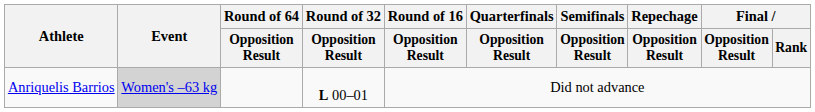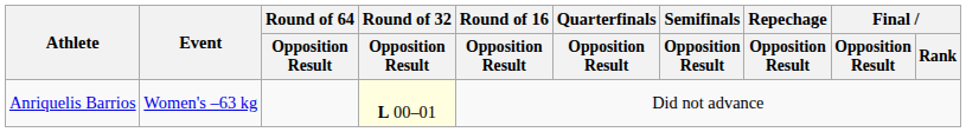 <table class="wikitable" style="font-size:90%">
 <tr>
 <th rowspan="2">Athlete</th>
 <th rowspan="2">Event</th>
 <th>Round of 64</th>
 <th>Round of 32</th>
 <th>Round of 16</th>
 <th>Quarterfinals</th>
 <th>Semifinals</th>
 <th>Repechage</th>
 <th colspan=2>Final / </th>
 </tr>
 <tr style="font-size:95%">
 <th>Opposition<br>Result</th>
 <th>Opposition<br>Result</th>
 <th>Opposition<br>Result</th>
 <th>Opposition<br>Result</th>
 <th>Opposition<br>Result</th>
 <th>Opposition<br>Result</th>
 <th>Opposition<br>Result</th>
 <th>Rank</th>
 </tr>
 <tr align=center>
 <td align=left><a href='#'>Anriquelis Barrios</a></td>
-<td align=left style="background: lightgrey;"><a href='#'>Women's –63 kg</a></td>
+<td align=left><a href='#'>Women's –63 kg</a></td>
 <td></td>
-<td><br><strong>L</strong> 00–01</td>
+<td style="background: lightyellow;"><br><strong>L</strong> 00–01</td>
 <td colspan="6">Did not advance</td>
 </tr>
 </table>
